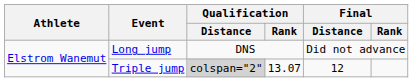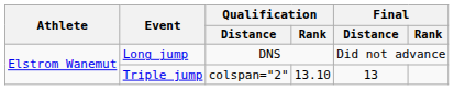 <table class="wikitable" style="font-size:90%; text-align:center">
 <tr>
 <th rowspan=2>Athlete</th>
 <th rowspan=2>Event</th>
 <th colspan=2>Qualification</th>
 <th colspan=2>Final</th>
 </tr>
 <tr style="font-size:95%">
 <th>Distance</th>
 <th>Rank</th>
 <th>Distance</th>
 <th>Rank</th>
 </tr>
 <tr>
 <td rowspan="2"><a href='#'>Elstrom Wanemut</a></td>
 <td rowspan="1" align="left"><a href='#'>Long jump</a></td>
 <td colspan="2">DNS</td>
 <td colspan="2">Did not advance</td>
 </tr>
 <tr>
 <td rowspan="1" align="left"><a href='#'>Triple jump</a></td>
-<td style="background: lightgrey;">colspan="2" </td>
-<td>13.07</td>
-<td>12</td>
+<td>colspan="2" </td>
+<td>13.10</td>
+<td>13</td>
 </tr>
 </table>
